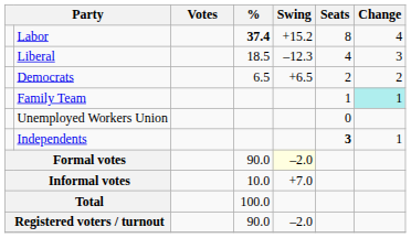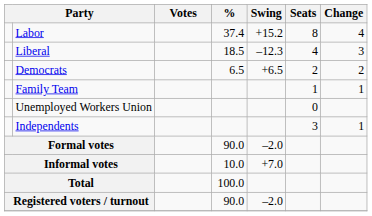 <table class="wikitable" style="text-align:right; margin-bottom:0">
 <tr>
 <th style="width:10px;" colspan=3>Party</th>
 <th style="width:70px;">Votes</th>
 <th style="width:40px;">%</th>
 <th style="width:40px;">Swing</th>
 <th style="width:40px;">Seats</th>
 <th style="width:40px;">Change</th>
 </tr>
 <tr>
 <td> </td>
 <td style="text-align:left;" colspan="2"><a href='#'>Labor</a></td>
 <td style="width:70px;"></td>
-<td style="width:40px;"><strong>37.4</strong></td>
+<td style="width:40px;">37.4</td>
 <td style="width:45px;">+15.2</td>
 <td style="width:40px;">8</td>
 <td style="width:55px;"> 4</td>
 </tr>
 <tr>
 <td> </td>
 <td style="text-align:left;" colspan="2"><a href='#'>Liberal</a></td>
 <td style="width:70px;"></td>
 <td style="width:40px;">18.5</td>
 <td style="width:45px;">–12.3</td>
 <td style="width:40px;">4</td>
 <td style="width:55px;"> 3</td>
 </tr>
 <tr>
 <td> </td>
 <td style="text-align:left;" colspan="2"><a href='#'>Democrats</a></td>
 <td></td>
 <td>6.5</td>
 <td>+6.5</td>
 <td>2</td>
 <td> 2</td>
 </tr>
 <tr>
 <td> </td>
 <td style="text-align:left;" colspan="2"><a href='#'>Family Team</a></td>
 <td></td>
 <td></td>
 <td></td>
 <td>1</td>
-<td style="background: paleturquoise;"> 1</td>
+<td> 1</td>
 </tr>
 <tr>
 <td> </td>
 <td style="text-align:left;" colspan="2">Unemployed Workers Union</td>
 <td></td>
 <td></td>
 <td></td>
 <td>0</td>
 <td></td>
 </tr>
 <tr>
 <td> </td>
 <td style="text-align:left;" colspan="2"><a href='#'>Independents</a></td>
 <td></td>
 <td></td>
 <td></td>
-<td><strong>3</strong></td>
+<td>3</td>
 <td> 1</td>
 </tr>
 <tr>
 <th colspan="3"> Formal votes</th>
 <td></td>
 <td>90.0</td>
-<td style="background: lightyellow;">–2.0</td>
+<td>–2.0</td>
 <td></td>
 <td></td>
 </tr>
 <tr>
 <th colspan="3"> Informal votes</th>
 <td></td>
 <td>10.0</td>
 <td>+7.0</td>
 <td></td>
 <td></td>
 </tr>
 <tr>
 <th colspan="3"> Total</th>
 <td></td>
 <td>100.0</td>
 <td></td>
 <td></td>
 <td></td>
 </tr>
 <tr>
 <th colspan="3"> Registered voters / turnout</th>
 <td></td>
 <td>90.0</td>
 <td>–2.0</td>
 <td></td>
 <td></td>
 </tr>
 <tr>
 </tr>
 </table>
